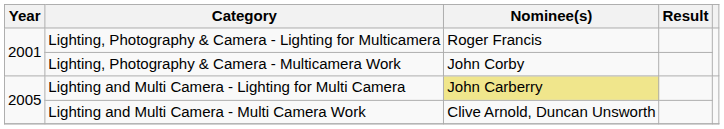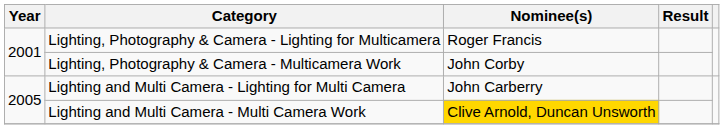 <table class="wikitable">
 <tr>
 <th>Year</th>
 <th>Category</th>
 <th>Nominee(s)</th>
 <th>Result</th>
 <th></th>
 </tr>
 <tr>
 <td rowspan="2">2001</td>
 <td>Lighting, Photography & Camera - Lighting for Multicamera</td>
 <td>Roger Francis</td>
 <td></td>
 <td rowspan="2" align="center"></td>
 </tr>
 <tr>
 <td>Lighting, Photography & Camera - Multicamera Work</td>
 <td>John Corby</td>
 <td></td>
 </tr>
 <tr>
 <td rowspan="2">2005</td>
 <td>Lighting and Multi Camera - Lighting for Multi Camera</td>
-<td style="background: khaki;">John Carberry</td>
+<td>John Carberry</td>
 <td></td>
 <td rowspan="2" align="center"></td>
 </tr>
 <tr>
 <td>Lighting and Multi Camera - Multi Camera Work</td>
-<td>Clive Arnold, Duncan Unsworth</td>
+<td style="background: gold;">Clive Arnold, Duncan Unsworth</td>
 <td></td>
 </tr>
 <tr>
 </tr>
 </table>
